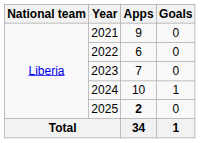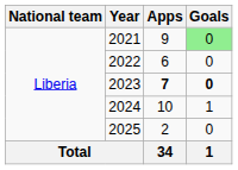 <table class="wikitable" style="text-align:center">
 <tr>
 <th>National team</th>
 <th>Year</th>
 <th>Apps</th>
 <th>Goals</th>
 </tr>
 <tr>
 <td rowspan="5"><a href='#'>Liberia</a></td>
 <td>2021</td>
 <td>9</td>
-<td>0</td>
+<td style="background: lightgreen;">0</td>
 </tr>
 <tr>
 <td>2022</td>
 <td>6</td>
 <td>0</td>
 </tr>
 <tr>
 <td>2023</td>
-<td>7</td>
-<td>0</td>
+<td><strong>7</strong></td>
+<td><strong>0</strong></td>
 </tr>
 <tr>
 <td>2024</td>
 <td>10</td>
 <td>1</td>
 </tr>
 <tr>
 <td>2025</td>
-<td><strong>2</strong></td>
+<td>2</td>
 <td>0</td>
 </tr>
 <tr>
 <th colspan="2">Total</th>
 <th>34</th>
 <th>1</th>
 </tr>
 </table>
